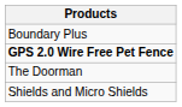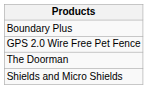 <table class="wikitable">
 <tr>
 <th>Products</th>
 </tr>
 <tr>
 <td>Boundary Plus</td>
 </tr>
 <tr>
-<td><strong>GPS 2.0 Wire Free Pet Fence</strong></td>
+<td>GPS 2.0 Wire Free Pet Fence</td>
 </tr>
 <tr>
 <td>The Doorman</td>
 </tr>
 <tr>
 <td>Shields and Micro Shields</td>
 </tr>
 </table>
